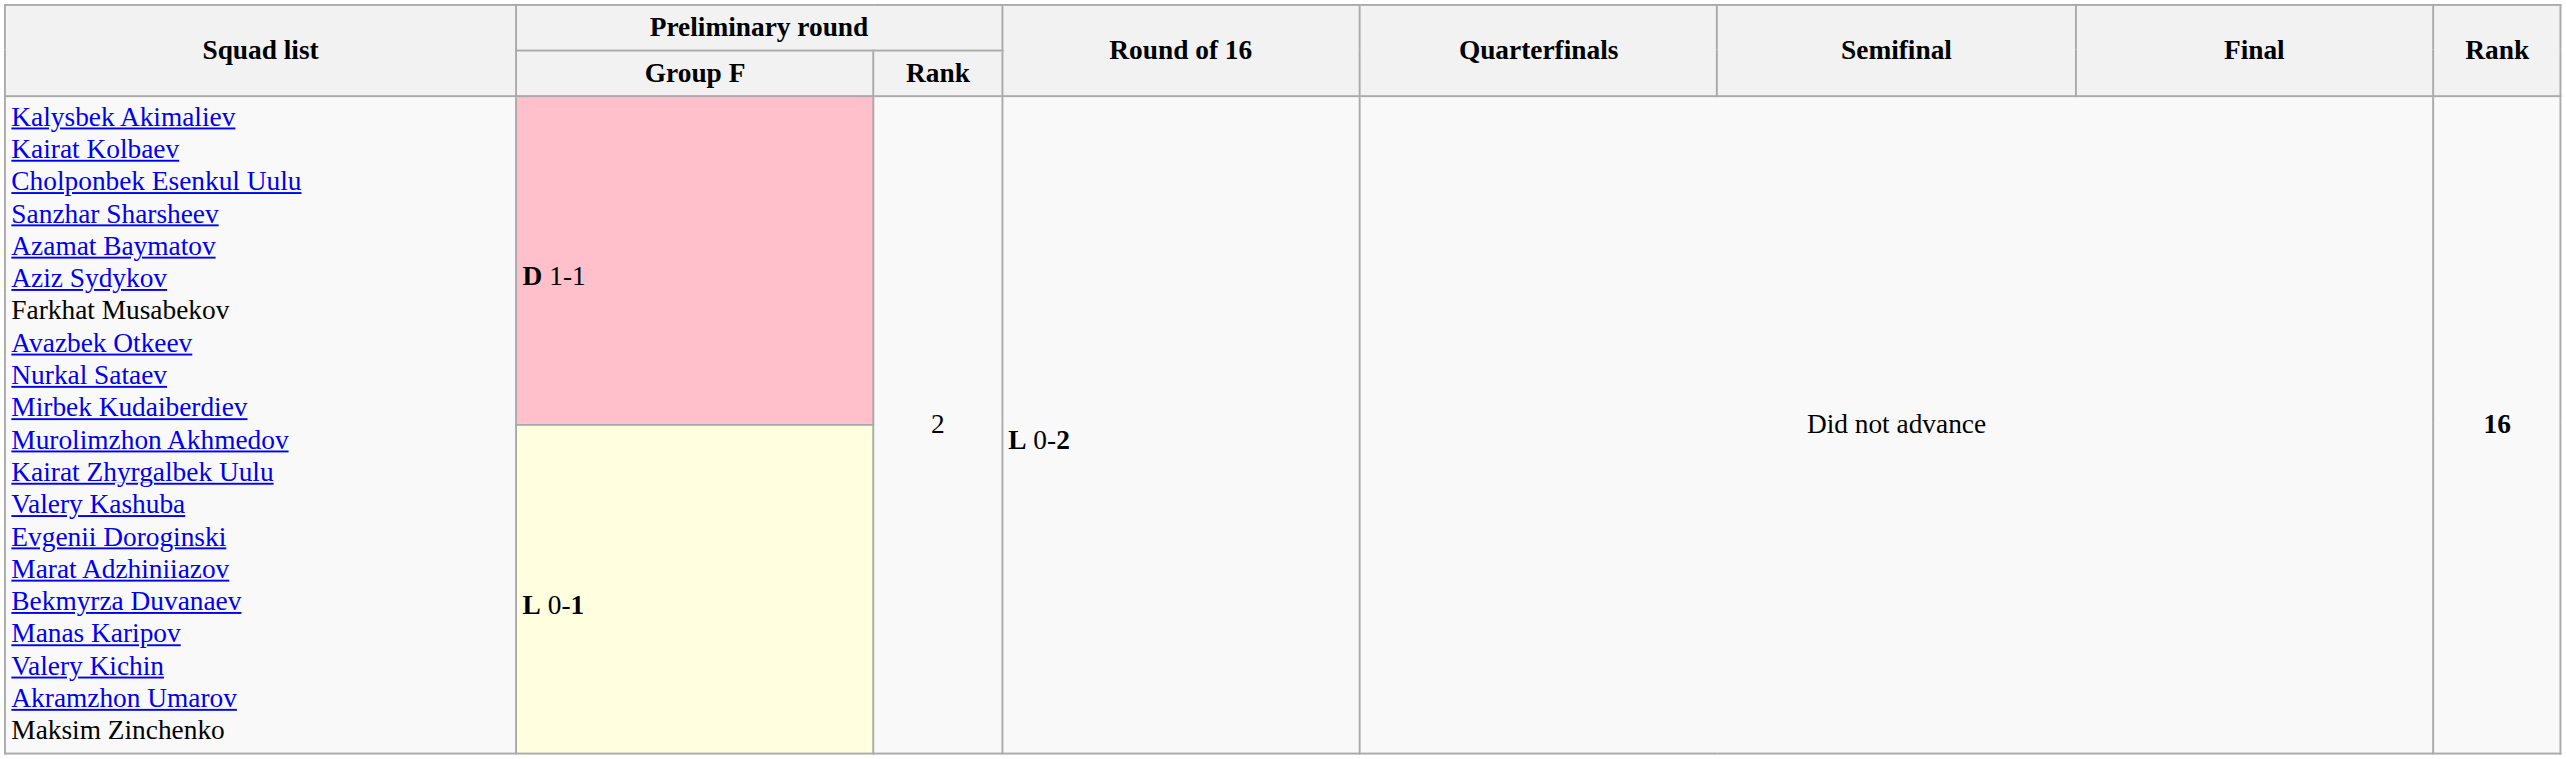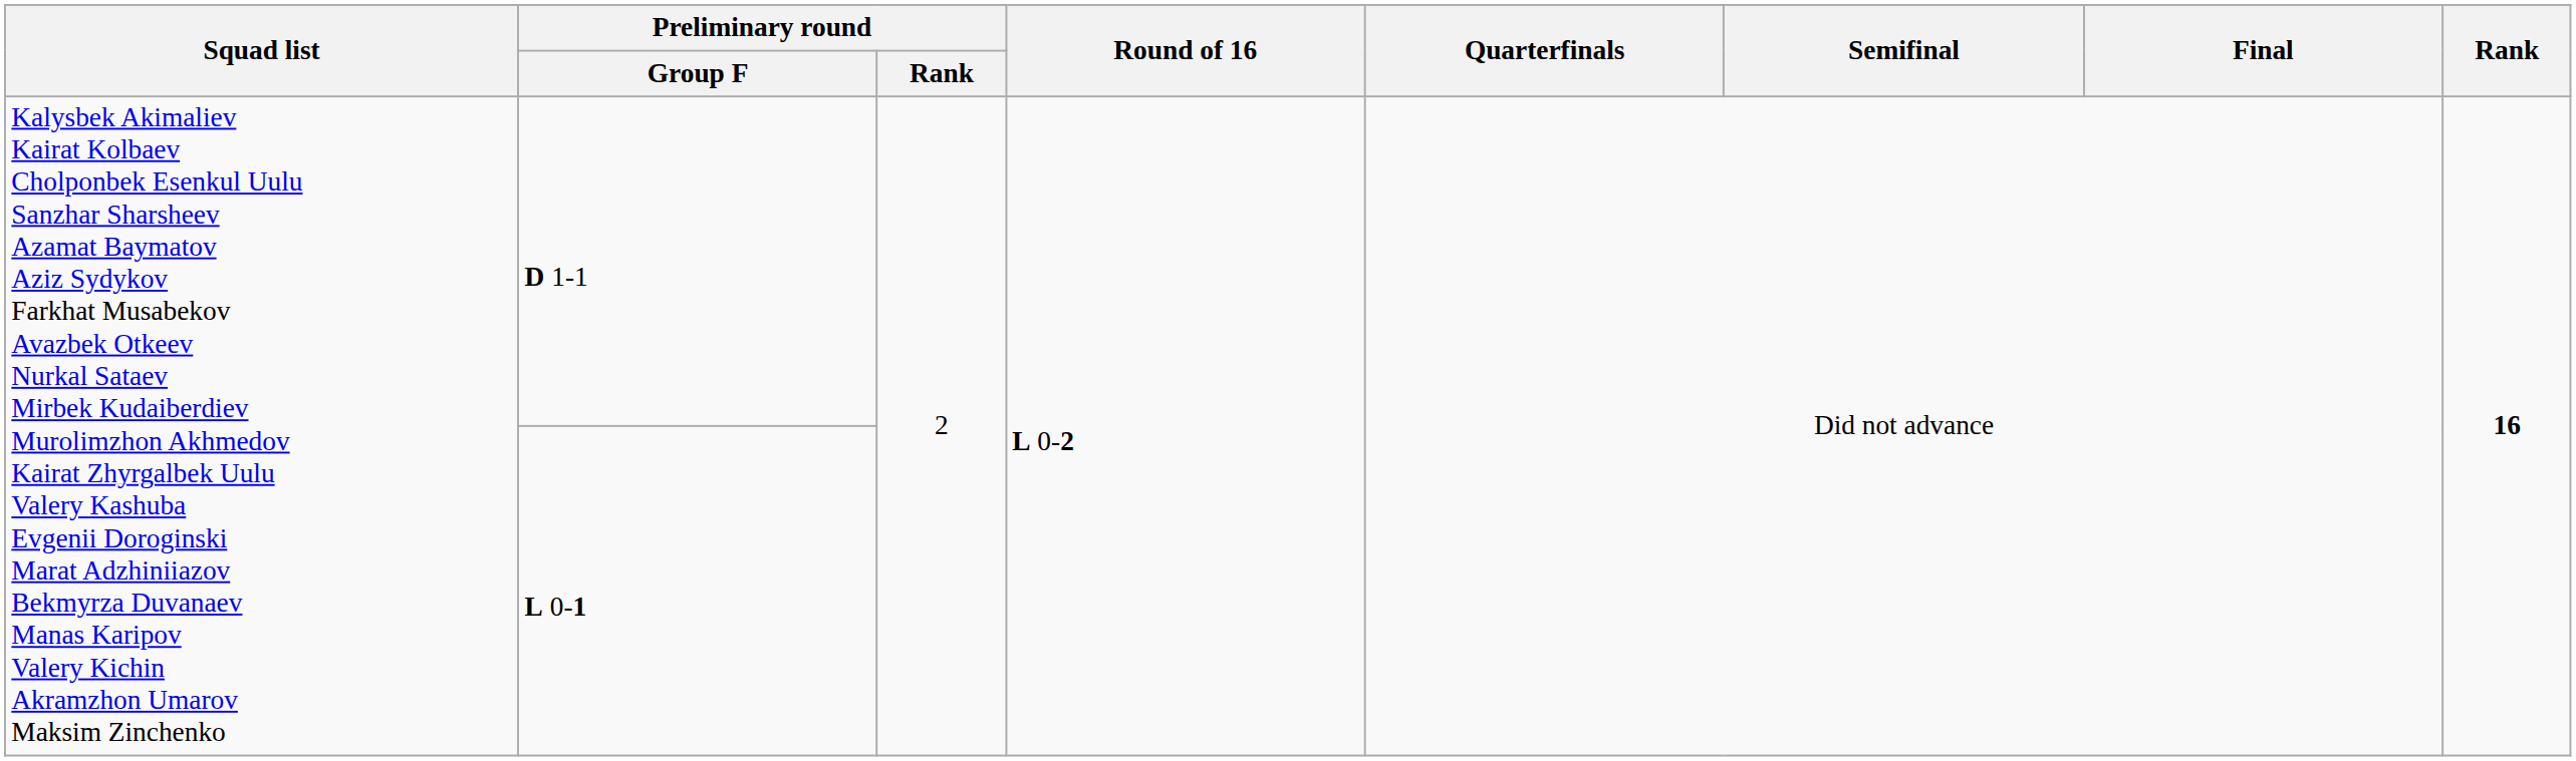 <table class="wikitable" width="85%" style="text-align:left; font-size:90%">
 <tr>
 <th rowspan="2" width="20%">Squad list</th>
 <th colspan="2">Preliminary round</th>
 <th rowspan="2" width="14%">Round of 16</th>
 <th rowspan="2" width="14%">Quarterfinals</th>
 <th rowspan="2" width="14%">Semifinal</th>
 <th rowspan="2" width="14%">Final</th>
 <th rowspan="2" width="5%">Rank</th>
 </tr>
 <tr>
 <th width="14%">Group F</th>
 <th width="5%">Rank</th>
 </tr>
 <tr>
 <td rowspan=2><a href='#'>Kalysbek Akimaliev</a><br><a href='#'>Kairat Kolbaev</a><br><a href='#'>Cholponbek Esenkul Uulu</a><br><a href='#'>Sanzhar Sharsheev</a><br><a href='#'>Azamat Baymatov</a><br><a href='#'>Aziz Sydykov</a><br>Farkhat Musabekov<br><a href='#'>Avazbek Otkeev</a><br><a href='#'>Nurkal Sataev</a><br><a href='#'>Mirbek Kudaiberdiev</a><br><a href='#'>Murolimzhon Akhmedov</a><br><a href='#'>Kairat Zhyrgalbek Uulu</a><br><a href='#'>Valery Kashuba</a><br><a href='#'>Evgenii Doroginski</a><br><a href='#'>Marat Adzhiniiazov</a><br><a href='#'>Bekmyrza Duvanaev</a><br><a href='#'>Manas Karipov</a><br><a href='#'>Valery Kichin</a><br><a href='#'>Akramzhon Umarov</a><br>Maksim Zinchenko</td>
-<td style="background: pink;"><br><strong>D</strong> 1-1</td>
+<td><br><strong>D</strong> 1-1</td>
 <td rowspan=2 align=center>2 <strong></strong></td>
 <td rowspan=2><br><strong>L</strong> 0-<strong>2</strong> <strong></strong></td>
 <td rowspan=2 colspan=3 align=center>Did not advance</td>
 <td rowspan=2 align=center><strong>16</strong></td>
 </tr>
 <tr>
-<td style="background: lightyellow;"><br><strong>L</strong>  0-<strong>1</strong></td>
+<td><br><strong>L</strong>  0-<strong>1</strong></td>
 </tr>
 </table>
